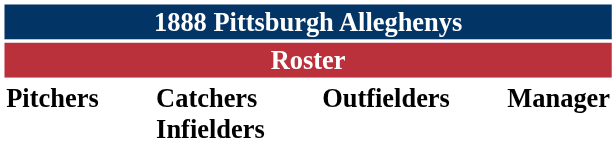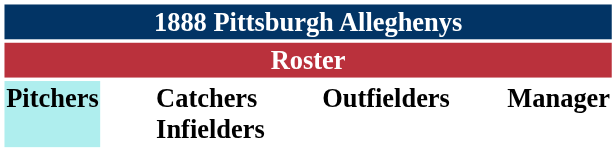 <table class="toccolours" style="font-size: 95%;">
 <tr>
 <th colspan="10" style="background-color: #023465; color: #FFFFFF; text-align: center;">1888 Pittsburgh Alleghenys</th>
 </tr>
 <tr>
 <td colspan="10" style="background-color: #ba313c; color: white; text-align: center;"><strong>Roster</strong></td>
 </tr>
 <tr>
-<td valign="top"><strong>Pitchers</strong><br>    </td>
+<td valign="top" style="background: paleturquoise;"><strong>Pitchers</strong><br>    </td>
 <td width="25px"></td>
 <td valign="top"><strong>Catchers</strong><br>   <strong>Infielders</strong>       </td>
 <td width="25px"></td>
 <td valign="top"><strong>Outfielders</strong><br>      </td>
 <td width="25px"></td>
 <td valign="top"><strong>Manager</strong><br></td>
 </tr>
 </table>
